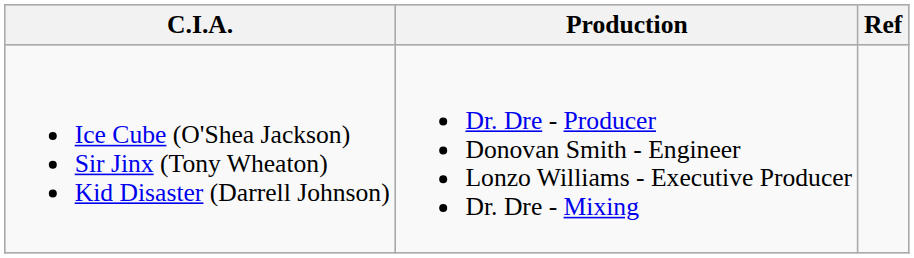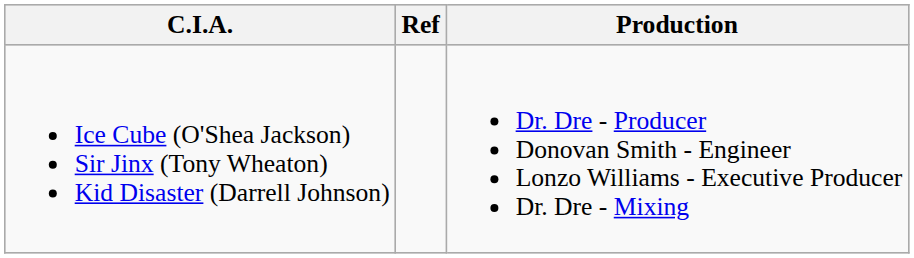 <table class="wikitable">
 <tr>
 <th>C.I.A.</th>
+<th>Ref</th>
 <th>Production</th>
-<th>Ref</th>
 </tr>
 <tr>
 <td><br><ul><li><a href='#'>Ice Cube</a> (O'Shea Jackson)</li><li><a href='#'>Sir Jinx</a> (Tony Wheaton)</li><li><a href='#'>Kid Disaster</a> (Darrell Johnson)</li></ul></td>
+<td><br></td>
 <td><br><ul><li><a href='#'>Dr. Dre</a> - <a href='#'>Producer</a></li><li>Donovan Smith - Engineer</li><li>Lonzo Williams - Executive Producer</li><li>Dr. Dre - <a href='#'>Mixing</a></li></ul></td>
-<td><br></td>
 </tr>
 </table>
